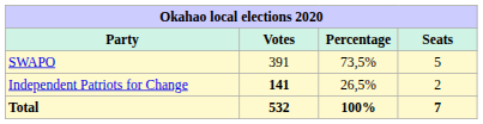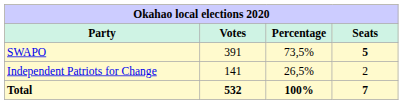 <table class="wikitable" style="font-size:95%; text-align:center; background:#FFFACD ">
 <tr>
 <th style="background:#CCCCFF;" width=20 colspan=5>Okahao local elections 2020</th>
 </tr>
 <tr>
 <th width=250 style=background:#cff3e4>Party</th>
 <th width=80 style=background:#cff3e4>Votes</th>
 <th width=80 style=background:#cff3e4>Percentage</th>
 <th width=80 style=background:#cff3e4>Seats</th>
 </tr>
 <tr>
 <td align=left><a href='#'>SWAPO</a></td>
 <td>391</td>
 <td>73,5%</td>
-<td>5</td>
+<td><strong>5</strong></td>
 </tr>
 <tr>
 <td align=left><a href='#'>Independent Patriots for Change</a></td>
-<td><strong>141</strong></td>
+<td>141</td>
 <td>26,5%</td>
 <td>2</td>
 </tr>
 <tr>
 <td align=left><strong>Total</strong></td>
 <td><strong>532</strong></td>
 <td><strong>100%</strong></td>
 <td><strong>7</strong></td>
 </tr>
 </table>
